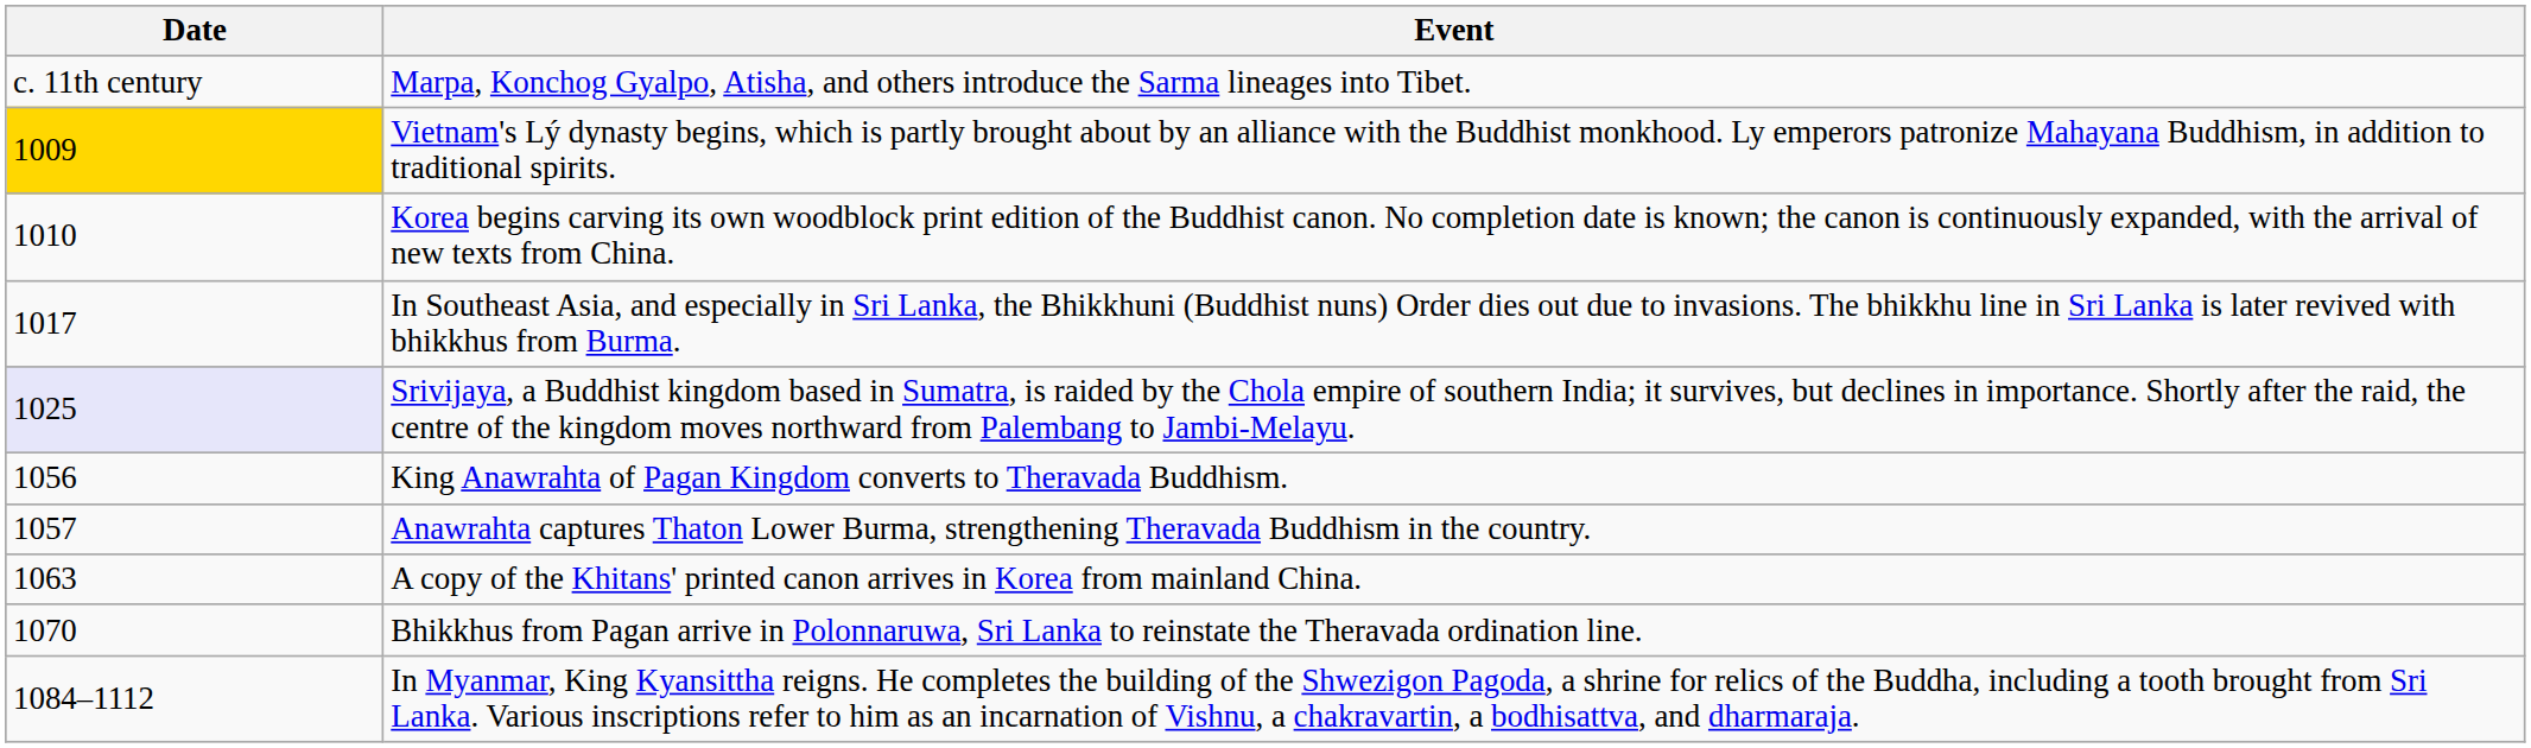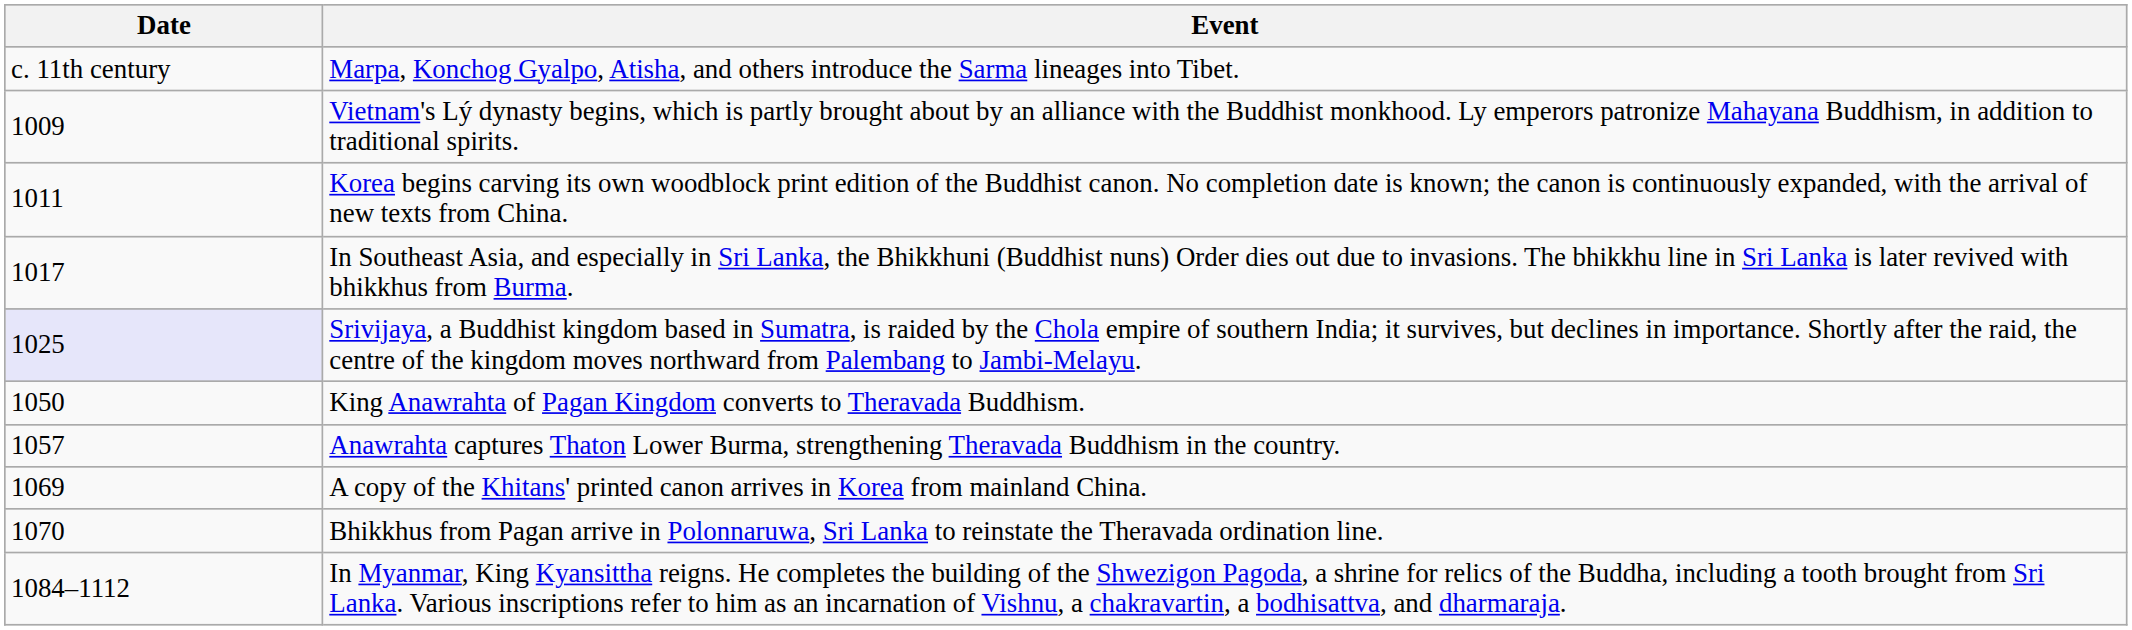 <table class="wikitable" width="100%">
 <tr>
 <th style="width:15%">Date</th>
 <th>Event</th>
 </tr>
 <tr>
 <td>c. 11th century</td>
 <td><a href='#'>Marpa</a>, <a href='#'>Konchog Gyalpo</a>, <a href='#'>Atisha</a>, and others introduce the <a href='#'>Sarma</a> lineages into Tibet.</td>
 </tr>
 <tr>
-<td style="background: gold;">1009</td>
+<td>1009</td>
 <td><a href='#'>Vietnam</a>'s Lý dynasty begins, which is partly brought about by an alliance with the Buddhist monkhood. Ly emperors patronize <a href='#'>Mahayana</a> Buddhism, in addition to traditional spirits.</td>
 </tr>
 <tr>
-<td>1010</td>
+<td>1011</td>
 <td><a href='#'>Korea</a> begins carving its own woodblock print edition of the Buddhist canon. No completion date is known; the canon is continuously expanded, with the arrival of new texts from China.</td>
 </tr>
 <tr>
 <td>1017</td>
 <td>In Southeast Asia, and especially in <a href='#'>Sri Lanka</a>, the Bhikkhuni (Buddhist nuns) Order dies out due to invasions. The bhikkhu line in <a href='#'>Sri Lanka</a> is later revived with bhikkhus from <a href='#'>Burma</a>.</td>
 </tr>
 <tr>
 <td style="background: lavender;">1025</td>
 <td><a href='#'>Srivijaya</a>, a Buddhist kingdom based in <a href='#'>Sumatra</a>, is raided by the <a href='#'>Chola</a> empire of southern India; it survives, but declines in importance. Shortly after the raid, the centre of the kingdom moves northward from <a href='#'>Palembang</a> to <a href='#'>Jambi-Melayu</a>.</td>
 </tr>
 <tr>
-<td>1056</td>
+<td>1050</td>
 <td>King <a href='#'>Anawrahta</a> of <a href='#'>Pagan Kingdom</a> converts to <a href='#'>Theravada</a> Buddhism.</td>
 </tr>
 <tr>
 <td>1057</td>
 <td><a href='#'>Anawrahta</a> captures <a href='#'>Thaton</a> Lower Burma, strengthening <a href='#'>Theravada</a> Buddhism in the country.</td>
 </tr>
 <tr>
-<td>1063</td>
+<td>1069</td>
 <td>A copy of the <a href='#'>Khitans</a>' printed canon arrives in <a href='#'>Korea</a> from mainland China.</td>
 </tr>
 <tr>
 <td>1070</td>
 <td>Bhikkhus from Pagan arrive in <a href='#'>Polonnaruwa</a>, <a href='#'>Sri Lanka</a> to reinstate the Theravada ordination line.</td>
 </tr>
 <tr>
 <td>1084–1112</td>
 <td>In <a href='#'>Myanmar</a>, King <a href='#'>Kyansittha</a> reigns. He completes the building of the <a href='#'>Shwezigon Pagoda</a>, a shrine for relics of the Buddha, including a tooth brought from <a href='#'>Sri Lanka</a>. Various inscriptions refer to him as an incarnation of <a href='#'>Vishnu</a>, a <a href='#'>chakravartin</a>, a <a href='#'>bodhisattva</a>, and <a href='#'>dharmaraja</a>.</td>
 </tr>
 </table>
